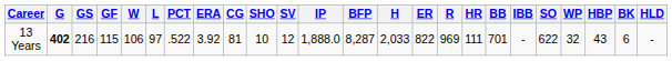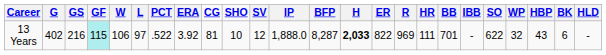 <table class="wikitable" style="text-align:center;">
 <tr>
 <th><a href='#'>Career</a></th>
 <th><a href='#'>G</a></th>
 <th><a href='#'>GS</a></th>
 <th><a href='#'>GF</a></th>
 <th><a href='#'>W</a></th>
 <th><a href='#'>L</a></th>
 <th><a href='#'>PCT</a></th>
 <th><a href='#'>ERA</a></th>
 <td><a href='#'><strong>CG</strong></a></td>
 <td><a href='#'><strong>SHO</strong></a></td>
 <th><a href='#'>SV</a></th>
 <th><a href='#'>IP</a></th>
 <th><a href='#'>BFP</a></th>
 <th><a href='#'>H</a></th>
 <th><a href='#'>ER</a></th>
 <th><a href='#'>R</a></th>
 <th><a href='#'>HR</a></th>
 <th><a href='#'>BB</a></th>
 <th><a href='#'>IBB</a></th>
 <th><a href='#'>SO</a></th>
 <th><a href='#'>WP</a></th>
 <th><a href='#'>HBP</a></th>
 <th><a href='#'>BK</a></th>
 <th><a href='#'>HLD</a></th>
 </tr>
 <tr>
 <td>13 Years</td>
-<td><strong>402</strong></td>
+<td>402</td>
 <td>216</td>
-<td>115</td>
+<td style="background: paleturquoise;">115</td>
 <td>106</td>
 <td>97</td>
 <td>.522</td>
 <td>3.92</td>
 <td>81</td>
 <td>10</td>
 <td>12</td>
 <td>1,888.0</td>
 <td>8,287</td>
-<td>2,033</td>
+<td><strong>2,033</strong></td>
 <td>822</td>
 <td>969</td>
 <td>111</td>
 <td>701</td>
 <td>-</td>
 <td>622</td>
 <td>32</td>
 <td>43</td>
 <td>6</td>
 <td>-</td>
 </tr>
 </table>
